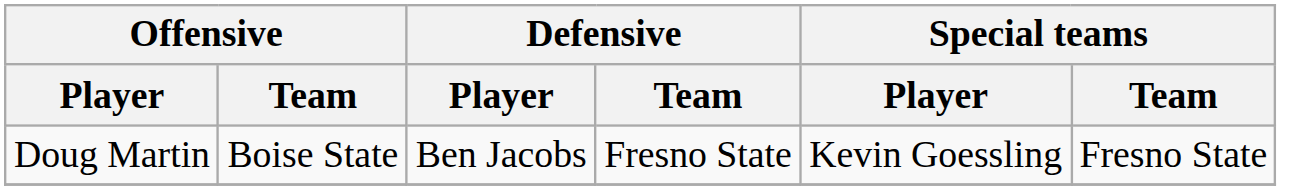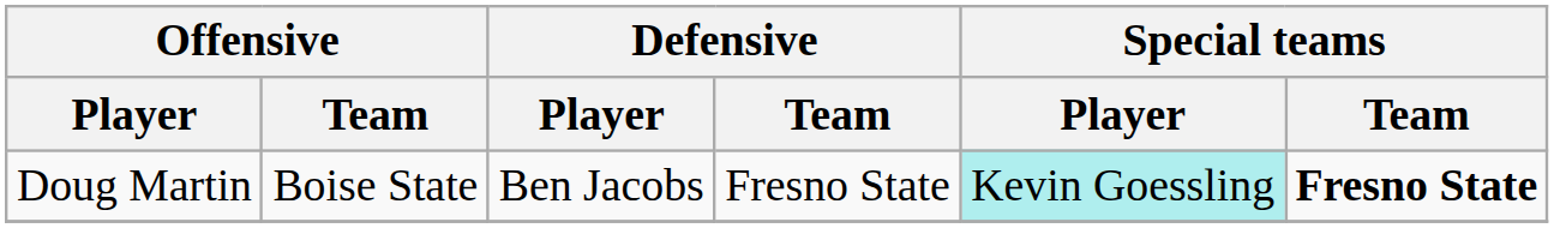 <table class="wikitable" border="1">
 <tr>
 <th colspan="2">Offensive</th>
 <th colspan="2">Defensive</th>
 <th colspan="2">Special teams</th>
 </tr>
 <tr>
 <th>Player</th>
 <th>Team</th>
 <th>Player</th>
 <th>Team</th>
 <th>Player</th>
 <th>Team</th>
 </tr>
 <tr>
 <td>Doug Martin</td>
 <td>Boise State</td>
 <td>Ben Jacobs</td>
 <td>Fresno State</td>
-<td>Kevin Goessling</td>
-<td>Fresno State</td>
+<td style="background: paleturquoise;">Kevin Goessling</td>
+<td><strong>Fresno State</strong></td>
 </tr>
 <tr>
 </tr>
 </table>
